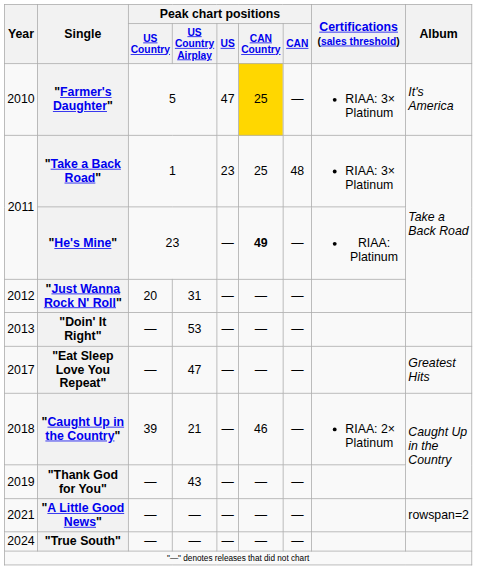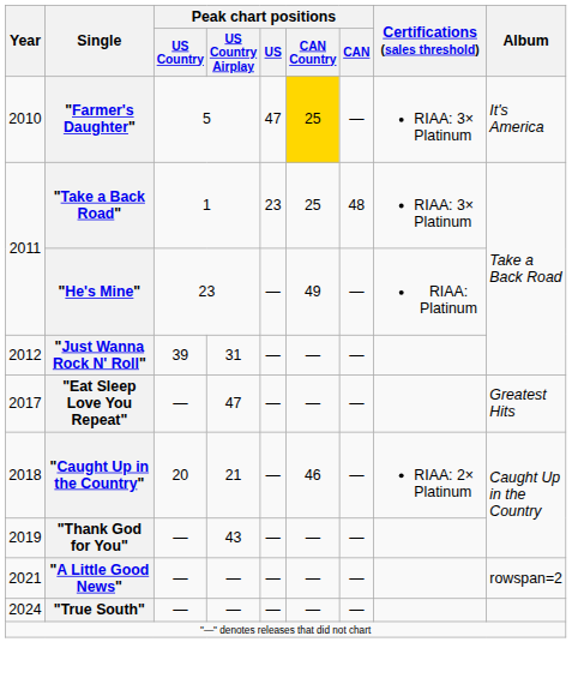 <table class="wikitable plainrowheaders" style="text-align:center;">
 <tr>
 <th rowspan="2">Year</th>
 <th rowspan="2" style="width:20em;">Single</th>
 <th colspan="5">Peak chart positions</th>
 <th rowspan="2" style="width:12em;"><a href='#'>Certifications</a><br><small>(<a href='#'>sales threshold</a>)</small></th>
 <th rowspan="2">Album</th>
 </tr>
 <tr style="font-size:smaller;">
 <th width="45"><a href='#'>US Country</a><br></th>
 <th width="45"><a href='#'>US Country Airplay</a><br></th>
 <th width="45"><a href='#'>US</a><br></th>
 <th width="45"><a href='#'>CAN Country</a><br></th>
 <th width="45"><a href='#'>CAN</a><br></th>
 </tr>
 <tr>
 <td>2010</td>
 <th scope="row">"<a href='#'>Farmer's Daughter</a>"</th>
 <td colspan="2">5</td>
 <td>47</td>
 <td style="background: gold;">25</td>
 <td>—</td>
 <td align="left"><br><ul><li>RIAA: 3× Platinum</li></ul></td>
 <td align="left"><em>It's America</em> </td>
 </tr>
 <tr>
 <td rowspan="2">2011</td>
 <th scope="row">"<a href='#'>Take a Back Road</a>"</th>
 <td colspan="2">1</td>
 <td>23</td>
 <td>25</td>
 <td>48</td>
 <td align="left"><br><ul><li>RIAA: 3× Platinum</li></ul></td>
 <td align="left" rowspan="3"><em>Take a Back Road</em></td>
 </tr>
 <tr>
 <th scope="row">"<a href='#'>He's Mine</a>"</th>
 <td colspan="2">23</td>
 <td>—</td>
-<td><strong>49</strong></td>
+<td>49</td>
 <td>—</td>
 <td><br><ul><li>RIAA: Platinum</li></ul></td>
 </tr>
 <tr>
 <td>2012</td>
 <th scope="row">"<a href='#'>Just Wanna Rock N' Roll</a>"</th>
-<td>20</td>
+<td>39</td>
 <td>31</td>
 <td>—</td>
 <td>—</td>
 <td>—</td>
-<td></td>
-</tr>
-<tr>
-<td>2013</td>
-<th scope="row">"Doin' It Right"</th>
-<td>—</td>
-<td>53</td>
-<td>—</td>
-<td>—</td>
-<td>—</td>
-<td></td>
 <td></td>
 </tr>
 <tr>
 <td>2017</td>
 <th scope="row">"Eat Sleep Love You Repeat"</th>
 <td>—</td>
 <td>47</td>
 <td>—</td>
 <td>—</td>
 <td>—</td>
 <td></td>
 <td align="left"><em>Greatest Hits</em></td>
 </tr>
 <tr>
 <td>2018</td>
 <th scope="row">"<a href='#'>Caught Up in the Country</a>"<br></th>
-<td>39</td>
+<td>20</td>
 <td>21</td>
 <td>—</td>
 <td>46</td>
 <td>—</td>
 <td align="left"><br><ul><li>RIAA: 2× Platinum</li></ul></td>
 <td align="left" rowspan="2"><em>Caught Up in the Country</em></td>
 </tr>
 <tr>
 <td>2019</td>
 <th scope="row">"Thank God for You"</th>
 <td>—</td>
 <td>43</td>
 <td>—</td>
 <td>—</td>
 <td>—</td>
 <td></td>
 </tr>
 <tr>
 <td>2021</td>
 <th scope="row">"<a href='#'>A Little Good News</a>"</th>
 <td>—</td>
 <td>—</td>
 <td>—</td>
 <td>—</td>
 <td>—</td>
 <td></td>
 <td>rowspan=2 </td>
 </tr>
 <tr>
 <td>2024</td>
 <th scope="row">"True South"</th>
 <td>—</td>
 <td>—</td>
 <td>—</td>
 <td>—</td>
 <td>—</td>
 <td></td>
 </tr>
 <tr>
 <td colspan="9" style="font-size:8pt">"—" denotes releases that did not chart</td>
 </tr>
 </table>
